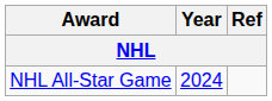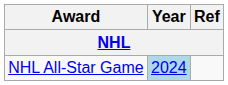 <table class="wikitable">
 <tr>
 <th>Award</th>
 <th>Year</th>
 <th>Ref</th>
 </tr>
 <tr>
 <th colspan="3"><a href='#'>NHL</a></th>
 </tr>
 <tr>
 <td><a href='#'>NHL All-Star Game</a></td>
-<td><a href='#'>2024</a></td>
+<td style="background: lightblue;"><a href='#'>2024</a></td>
 <td></td>
 </tr>
 </table>
